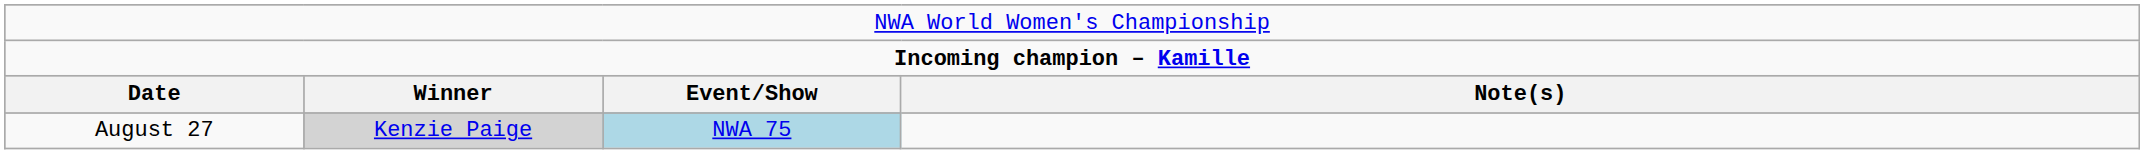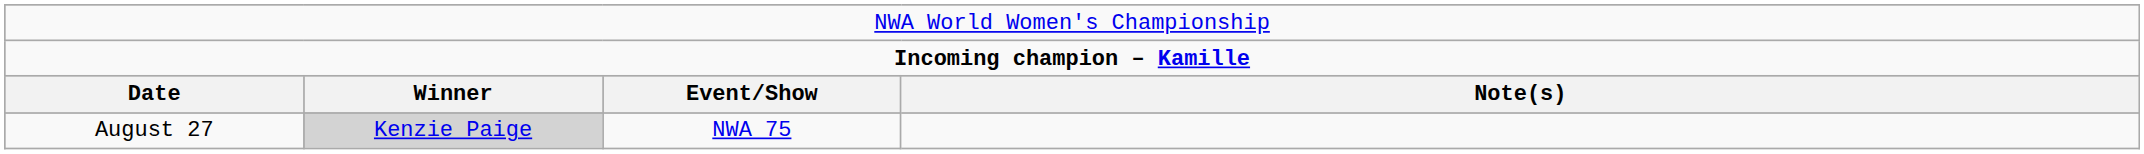 <table class="wikitable" style="text-align:center; width:100%;">
 <tr>
 <td colspan="5" style="text-align: center;"><a href='#'>NWA World Women's Championship</a></td>
 </tr>
 <tr>
 <td colspan="5" style="text-align: center;"><strong>Incoming champion – <a href='#'>Kamille</a></strong></td>
 </tr>
 <tr>
 <th width=14%>Date</th>
 <th width=14%>Winner</th>
 <th width=14%>Event/Show</th>
 <th width=58%>Note(s)</th>
 </tr>
 <tr>
 <td>August 27</td>
 <td style="background: lightgrey;"><a href='#'>Kenzie Paige</a></td>
-<td style="background: lightblue;"><a href='#'>NWA 75</a><br></td>
+<td><a href='#'>NWA 75</a><br></td>
 <td></td>
 </tr>
 </table>
